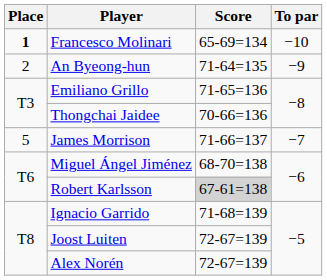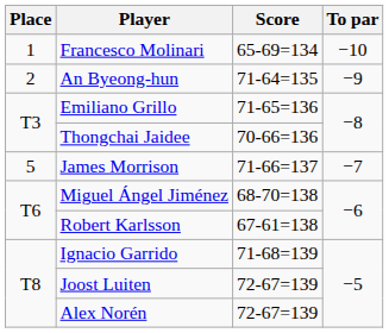 <table class="wikitable">
 <tr>
 <th>Place</th>
 <th>Player</th>
 <th>Score</th>
 <th>To par</th>
 </tr>
 <tr>
-<td align=center><strong>1</strong></td>
+<td align=center>1</td>
 <td> <a href='#'>Francesco Molinari</a></td>
 <td align=center>65-69=134</td>
 <td align=center>−10</td>
 </tr>
 <tr>
 <td align=center>2</td>
 <td> <a href='#'>An Byeong-hun</a></td>
 <td align=center>71-64=135</td>
 <td align=center>−9</td>
 </tr>
 <tr>
 <td align=center rowspan=2>T3</td>
 <td> <a href='#'>Emiliano Grillo</a></td>
 <td align=center>71-65=136</td>
 <td align=center rowspan=2>−8</td>
 </tr>
 <tr>
 <td> <a href='#'>Thongchai Jaidee</a></td>
 <td align=center>70-66=136</td>
 </tr>
 <tr>
 <td align=center>5</td>
 <td> <a href='#'>James Morrison</a></td>
 <td align=center>71-66=137</td>
 <td align=center>−7</td>
 </tr>
 <tr>
 <td align=center rowspan=2>T6</td>
 <td> <a href='#'>Miguel Ángel Jiménez</a></td>
 <td align=center>68-70=138</td>
 <td align=center rowspan=2>−6</td>
 </tr>
 <tr>
 <td> <a href='#'>Robert Karlsson</a></td>
-<td align=center style="background: lightgrey;">67-61=138</td>
+<td align=center>67-61=138</td>
 </tr>
 <tr>
 <td align=center rowspan=3>T8</td>
 <td> <a href='#'>Ignacio Garrido</a></td>
 <td align=center>71-68=139</td>
 <td align=center rowspan=3>−5</td>
 </tr>
 <tr>
 <td> <a href='#'>Joost Luiten</a></td>
 <td align=center>72-67=139</td>
 </tr>
 <tr>
 <td> <a href='#'>Alex Norén</a></td>
 <td align=center>72-67=139</td>
 </tr>
 </table>
